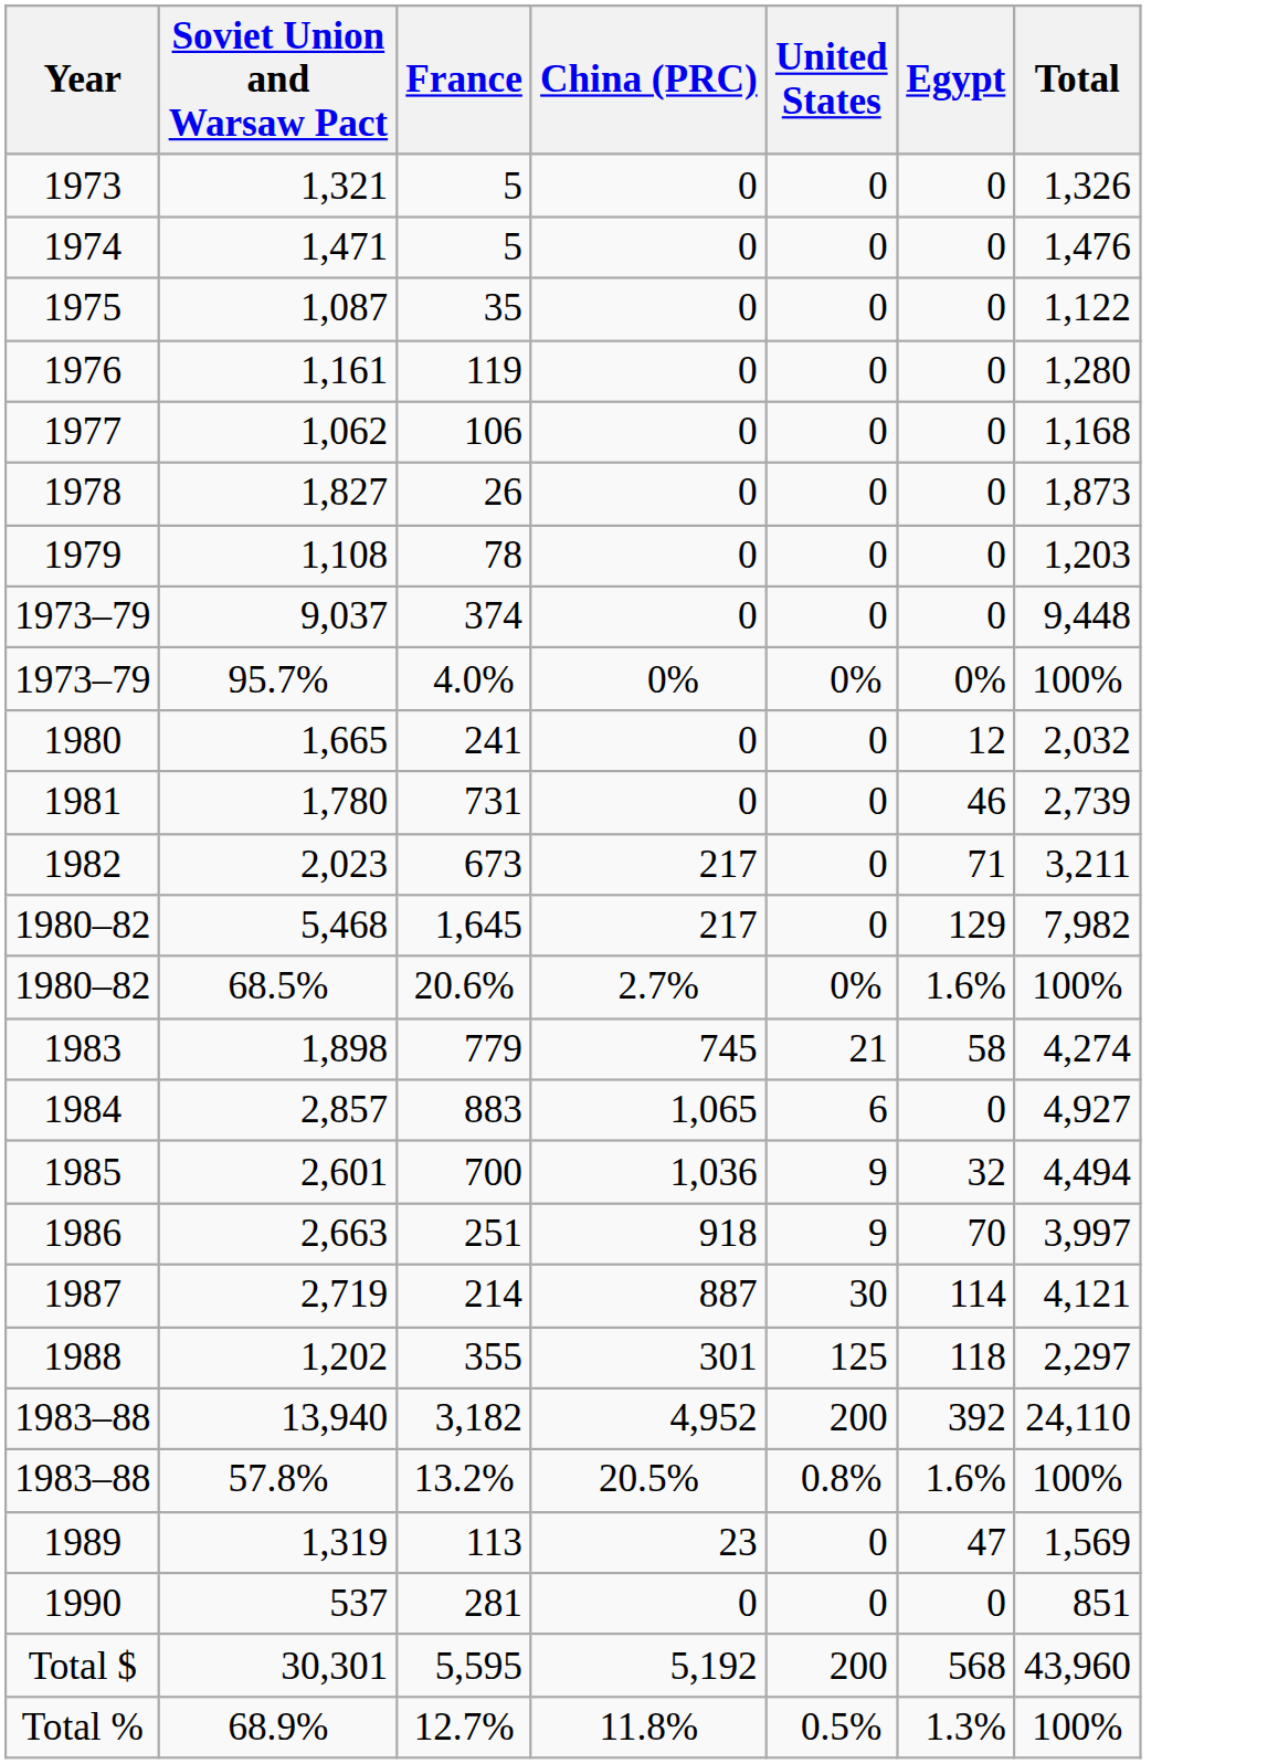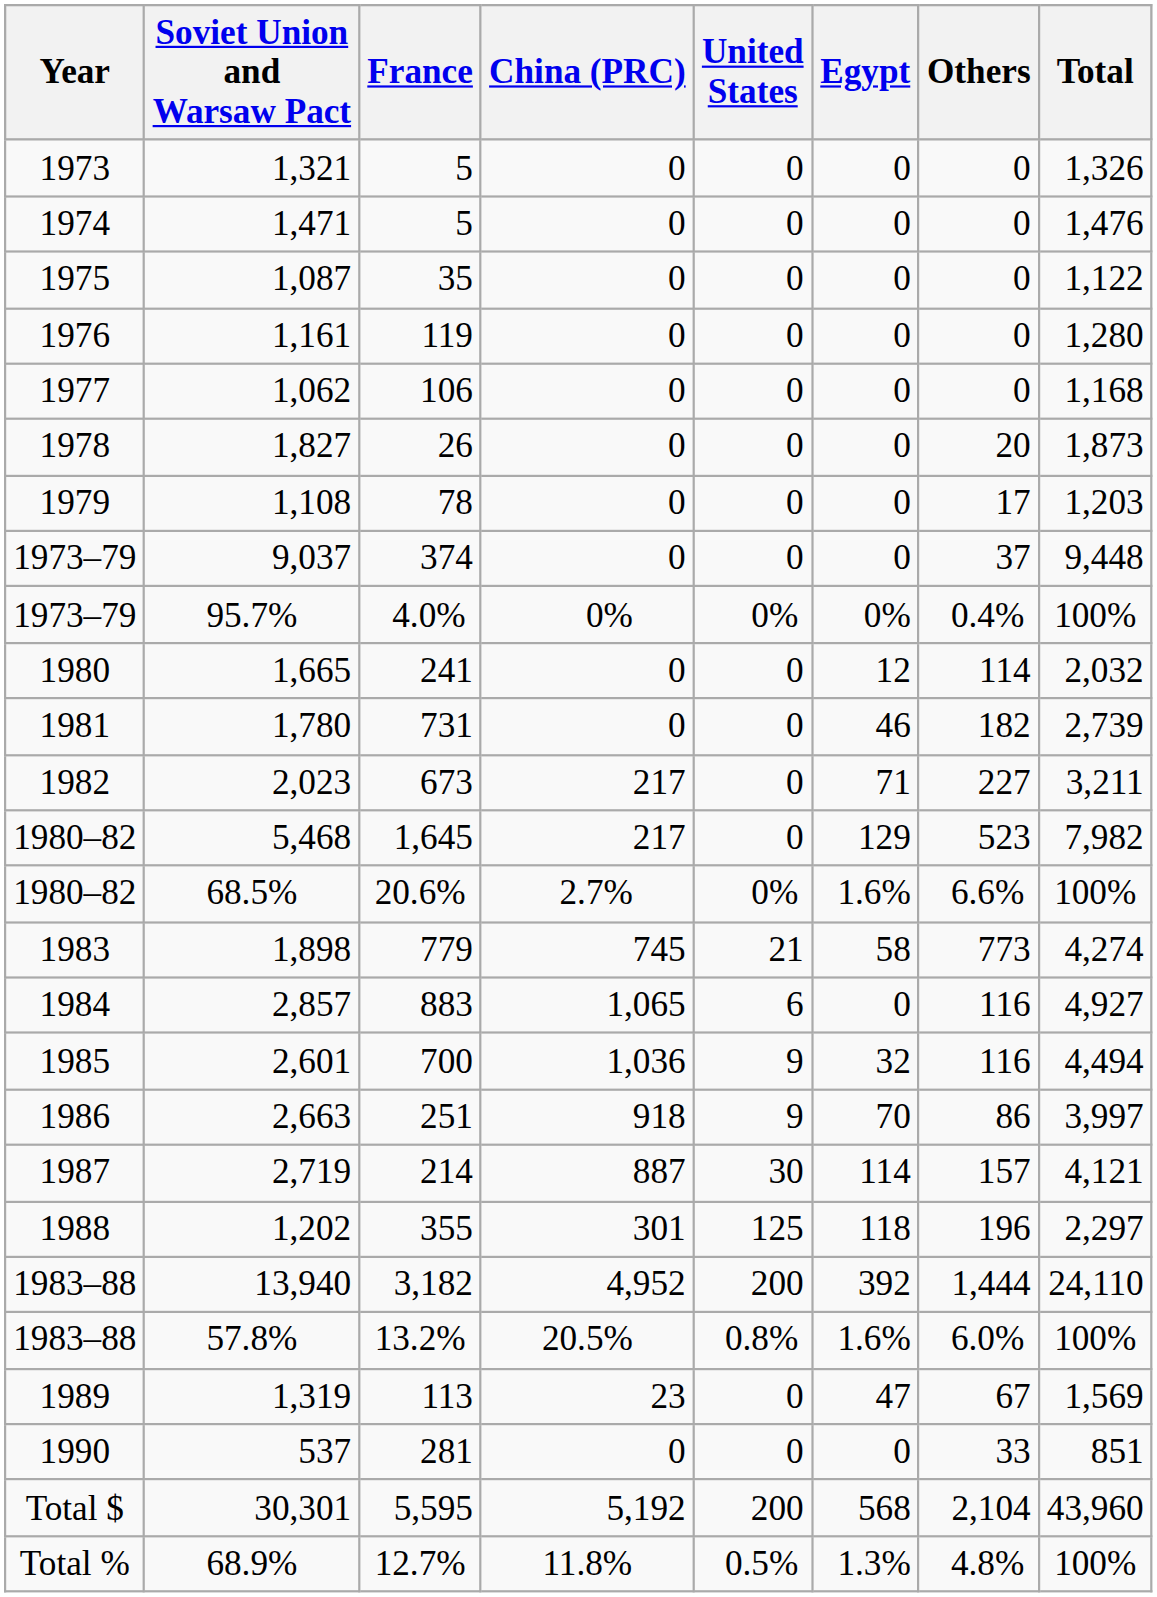 <table class="wikitable" style="text-align: right; cellpadding: 20px;">
 <tr ---- bgcolor="#cccccc">
 <th><strong>Year</strong></th>
 <th><strong><a href='#'>Soviet Union</a><br>and<br> <a href='#'>Warsaw Pact</a></strong></th>
 <th><a href='#'>France</a></th>
 <th><strong><a href='#'>China (PRC)</a></strong></th>
 <th><a href='#'>United<br>States</a></th>
 <th><a href='#'>Egypt</a></th>
+<th>Others</th>
 <th>Total</th>
 </tr>
 <tr ---->
 <td align=center>1973</td>
 <td>1,321</td>
 <td>5</td>
+<td>0</td>
 <td>0</td>
 <td>0</td>
 <td>0</td>
 <td>1,326</td>
 </tr>
 <tr ---->
 <td align=center>1974</td>
 <td>1,471</td>
 <td>5</td>
 <td>0</td>
 <td>0</td>
 <td>0</td>
+<td>0</td>
 <td>1,476</td>
 </tr>
 <tr ---->
 <td align=center>1975</td>
 <td>1,087</td>
 <td>35</td>
+<td>0</td>
 <td>0</td>
 <td>0</td>
 <td>0</td>
 <td>1,122</td>
 </tr>
 <tr ---->
 <td align=center>1976</td>
 <td>1,161</td>
 <td>119</td>
 <td>0</td>
 <td>0</td>
 <td>0</td>
+<td>0</td>
 <td>1,280</td>
 </tr>
 <tr ---->
 <td align=center>1977</td>
 <td>1,062</td>
 <td>106</td>
+<td>0</td>
 <td>0</td>
 <td>0</td>
 <td>0</td>
 <td>1,168</td>
 </tr>
 <tr ---->
 <td align=center>1978</td>
 <td>1,827</td>
 <td>26</td>
 <td>0</td>
 <td>0</td>
 <td>0</td>
+<td>20</td>
 <td>1,873</td>
 </tr>
 <tr ---->
 <td align=center>1979</td>
 <td>1,108</td>
 <td>78</td>
 <td>0</td>
 <td>0</td>
 <td>0</td>
+<td>17</td>
 <td>1,203</td>
 </tr>
 <tr ---->
 <td align=center>1973–79</td>
 <td>9,037</td>
 <td>374</td>
 <td>0</td>
 <td>0</td>
 <td>0</td>
+<td>37</td>
 <td>9,448</td>
 </tr>
 <tr ---->
 <td align=center>1973–79</td>
 <td align=center>95.7%</td>
 <td align=center>  4.0%</td>
 <td align=center>     0%</td>
 <td align=center>     0%</td>
 <td align=center>     0%</td>
+<td align=center>  0.4%</td>
 <td align=center>100%</td>
 </tr>
 <tr ---->
 <td align=center>1980</td>
 <td>1,665</td>
 <td>241</td>
 <td>0</td>
 <td>0</td>
 <td>12</td>
+<td>114</td>
 <td>2,032</td>
 </tr>
 <tr ---->
 <td align=center>1981</td>
 <td>1,780</td>
 <td>731</td>
 <td>0</td>
 <td>0</td>
 <td>46</td>
+<td>182</td>
 <td>2,739</td>
 </tr>
 <tr ---->
 <td align=center>1982</td>
 <td>2,023</td>
 <td>673</td>
 <td>217</td>
 <td>0</td>
 <td>71</td>
+<td>227</td>
 <td>3,211</td>
 </tr>
 <tr ---->
 <td align=center>1980–82</td>
 <td>5,468</td>
 <td>1,645</td>
 <td>217</td>
 <td>0</td>
 <td>129</td>
+<td>523</td>
 <td>7,982</td>
 </tr>
 <tr ---->
 <td align=center>1980–82</td>
 <td align=center>68.5%</td>
 <td align=center>20.6%</td>
 <td align=center>  2.7%</td>
 <td align=center>     0%</td>
 <td align=center>  1.6%</td>
+<td align=center>  6.6%</td>
 <td align=center>100%</td>
 </tr>
 <tr ---->
 <td align=center>1983</td>
 <td>1,898</td>
 <td>779</td>
 <td>745</td>
 <td>21</td>
 <td>58</td>
+<td>773</td>
 <td>4,274</td>
 </tr>
 <tr ---->
 <td align=center>1984</td>
 <td>2,857</td>
 <td>883</td>
 <td>1,065</td>
 <td>6</td>
 <td>0</td>
+<td>116</td>
 <td>4,927</td>
 </tr>
 <tr ---->
 <td align=center>1985</td>
 <td>2,601</td>
 <td>700</td>
 <td>1,036</td>
 <td>9</td>
 <td>32</td>
+<td>116</td>
 <td>4,494</td>
 </tr>
 <tr ---->
 <td align=center>1986</td>
 <td>2,663</td>
 <td>251</td>
 <td>918</td>
 <td>9</td>
 <td>70</td>
+<td>86</td>
 <td>3,997</td>
 </tr>
 <tr ---->
 <td align=center>1987</td>
 <td>2,719</td>
 <td>214</td>
 <td>887</td>
 <td>30</td>
 <td>114</td>
+<td>157</td>
 <td>4,121</td>
 </tr>
 <tr ---->
 <td align=center>1988</td>
 <td>1,202</td>
 <td>355</td>
 <td>301</td>
 <td>125</td>
 <td>118</td>
+<td>196</td>
 <td>2,297</td>
 </tr>
 <tr ---->
 <td align=center>1983–88</td>
 <td>13,940</td>
 <td>3,182</td>
 <td>4,952</td>
 <td>200</td>
 <td>392</td>
+<td>1,444</td>
 <td>24,110</td>
 </tr>
 <tr ---->
 <td align=center>1983–88</td>
 <td align=center>57.8%</td>
 <td align=center>13.2%</td>
 <td align=center>20.5%</td>
 <td align=center>  0.8%</td>
 <td align=center>  1.6%</td>
+<td align=center>  6.0%</td>
 <td align=center>100%</td>
 </tr>
 <tr ---->
 <td align=center>1989</td>
 <td>1,319</td>
 <td>113</td>
 <td>23</td>
 <td>0</td>
 <td>47</td>
+<td>67</td>
 <td>1,569</td>
 </tr>
 <tr ---->
 <td align=center>1990</td>
 <td>537</td>
 <td>281</td>
 <td>0</td>
 <td>0</td>
 <td>0</td>
+<td>33</td>
 <td>851</td>
 </tr>
 <tr ---->
 <td align=center>Total $</td>
 <td>30,301</td>
 <td>5,595</td>
 <td>5,192</td>
 <td>200</td>
 <td>568</td>
+<td>2,104</td>
 <td>43,960</td>
 </tr>
 <tr ---->
 <td align=center>Total %</td>
 <td align=center>68.9%</td>
 <td align=center>12.7%</td>
 <td align=center>11.8%</td>
 <td align=center>  0.5%</td>
 <td align=center>  1.3%</td>
+<td align=center>  4.8%</td>
 <td align=center>100%</td>
 </tr>
 </table>
